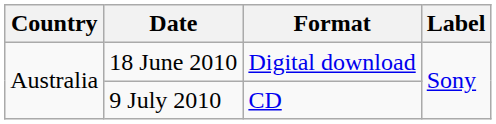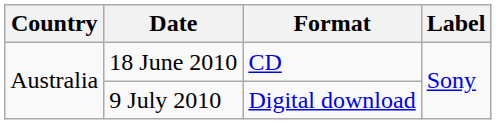 <table class="wikitable">
 <tr>
 <th>Country</th>
 <th>Date</th>
 <th>Format</th>
 <th>Label</th>
 </tr>
 <tr>
 <td rowspan="2">Australia</td>
 <td>18 June 2010</td>
-<td><a href='#'>Digital download</a></td>
+<td><a href='#'>CD</a></td>
 <td rowspan="2"><a href='#'>Sony</a></td>
 </tr>
 <tr>
 <td>9 July 2010</td>
-<td><a href='#'>CD</a></td>
+<td><a href='#'>Digital download</a></td>
 </tr>
 </table>
